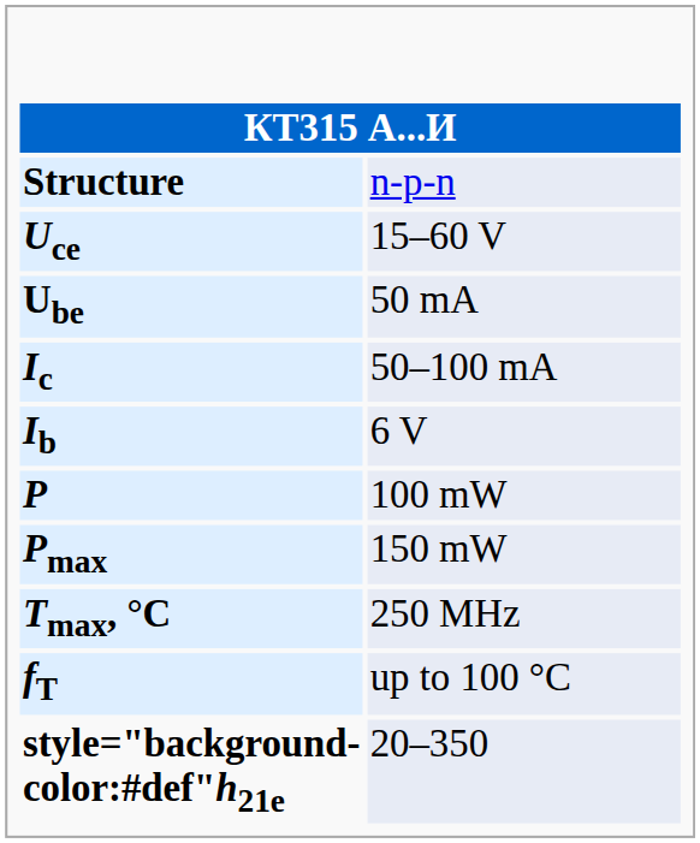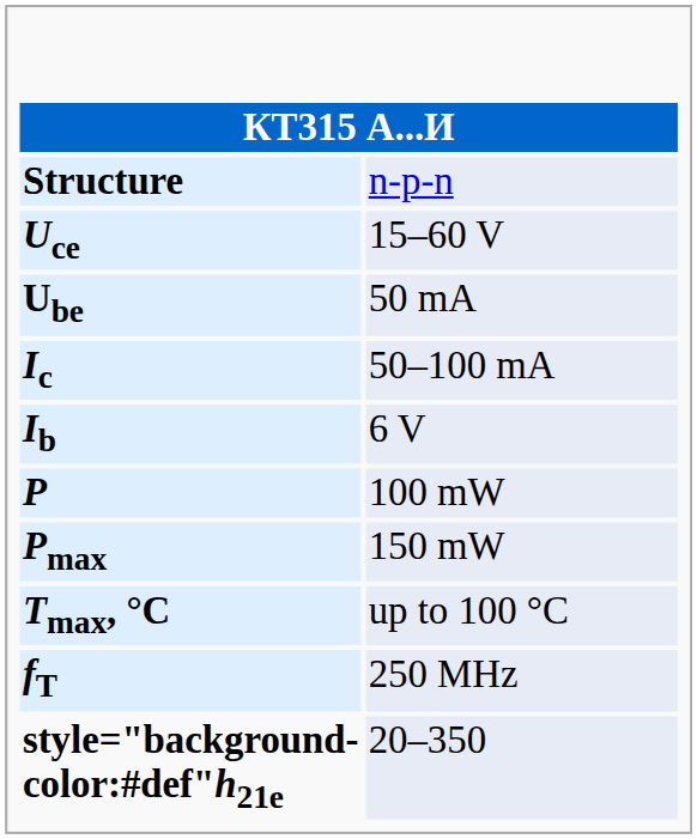 <table class="infobox" style="text-align:left; width:280px;">
 <tr>
 <td colspan="2" style="padding:1em 0" align="center"></td>
 </tr>
 <tr style="background-color:#06c; color:#fff">
 <th colspan="2" align="center">КТ315 А...И</th>
 </tr>
 <tr>
 <th style="background-color:#def; width:50px">Structure</th>
 <td style="background-color:#E7EBF5; width:228px"><a href='#'>n-p-n</a></td>
 </tr>
 <tr>
 <th style="background-color:#def"><em>U</em><sub>ce</sub></th>
 <td style="background-color:#E7EBF5">15–60 V</td>
 </tr>
 <tr>
 <th style="background-color:#def">U<sub>be</sub></th>
 <td style="background-color:#E7EBF5">50 mA</td>
 </tr>
 <tr>
 <th style="background-color:#def"><em>I</em><sub>c</sub></th>
 <td style="background-color:#E7EBF5">50–100 mA</td>
 </tr>
 <tr>
 <th style="background-color:#def"><em>I</em><sub>b</sub></th>
 <td style="background-color:#E7EBF5">6 V</td>
 </tr>
 <tr>
 <th style="background-color:#def"><em>P</em></th>
 <td style="background-color:#E7EBF5">100 mW</td>
 </tr>
 <tr>
 <th style="background-color:#def"><em>P</em><sub>max</sub></th>
 <td style="background-color:#E7EBF5">150 mW</td>
 </tr>
 <tr>
 <th style="background-color:#def"><em>T</em><sub>max</sub>, °C</th>
-<td style="background-color:#E7EBF5">250 MHz</td>
+<td style="background-color:#E7EBF5">up to 100 °C</td>
 </tr>
 <tr>
 <th style="background-color:#def"><em>f</em><sub>T</sub></th>
-<td style="background-color:#E7EBF5">up to 100 °C</td>
+<td style="background-color:#E7EBF5">250 MHz</td>
 </tr>
 <tr>
 <th>style="background-color:#def"<em>h</em><sub>21e</sub></th>
 <td style="background-color:#E7EBF5">20–350</td>
 </tr>
 </table>
